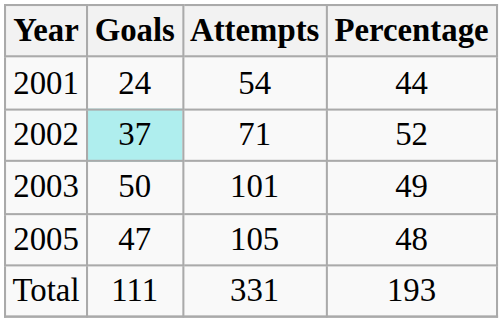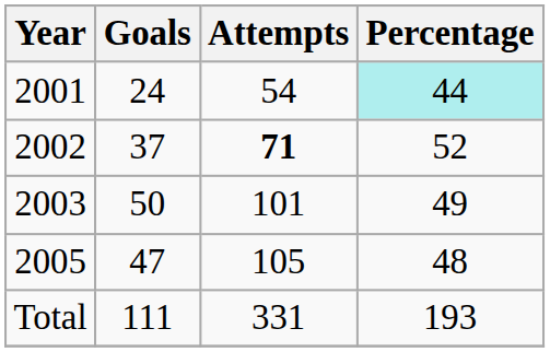 <table class="wikitable" style="text-align:center">
 <tr>
 <th bgcolor="#e5e5e5">Year</th>
 <th bgcolor="#e5e5e5">Goals</th>
 <th bgcolor="#e5e5e5">Attempts</th>
 <th bgcolor="#e5e5e5">Percentage</th>
 </tr>
 <tr>
 <td>2001</td>
 <td>24</td>
 <td>54</td>
-<td>44</td>
+<td style="background: paleturquoise;">44</td>
 </tr>
 <tr>
 <td>2002</td>
-<td style="background: paleturquoise;">37</td>
-<td>71</td>
+<td>37</td>
+<td><strong>71</strong></td>
 <td>52</td>
 </tr>
 <tr>
 <td>2003</td>
 <td>50</td>
 <td>101</td>
 <td>49</td>
 </tr>
 <tr>
 <td>2005</td>
 <td>47</td>
 <td>105</td>
 <td>48</td>
 </tr>
 <tr>
 <td>Total</td>
 <td>111</td>
 <td>331</td>
 <td>193</td>
 </tr>
 <tr>
 </tr>
 </table>
